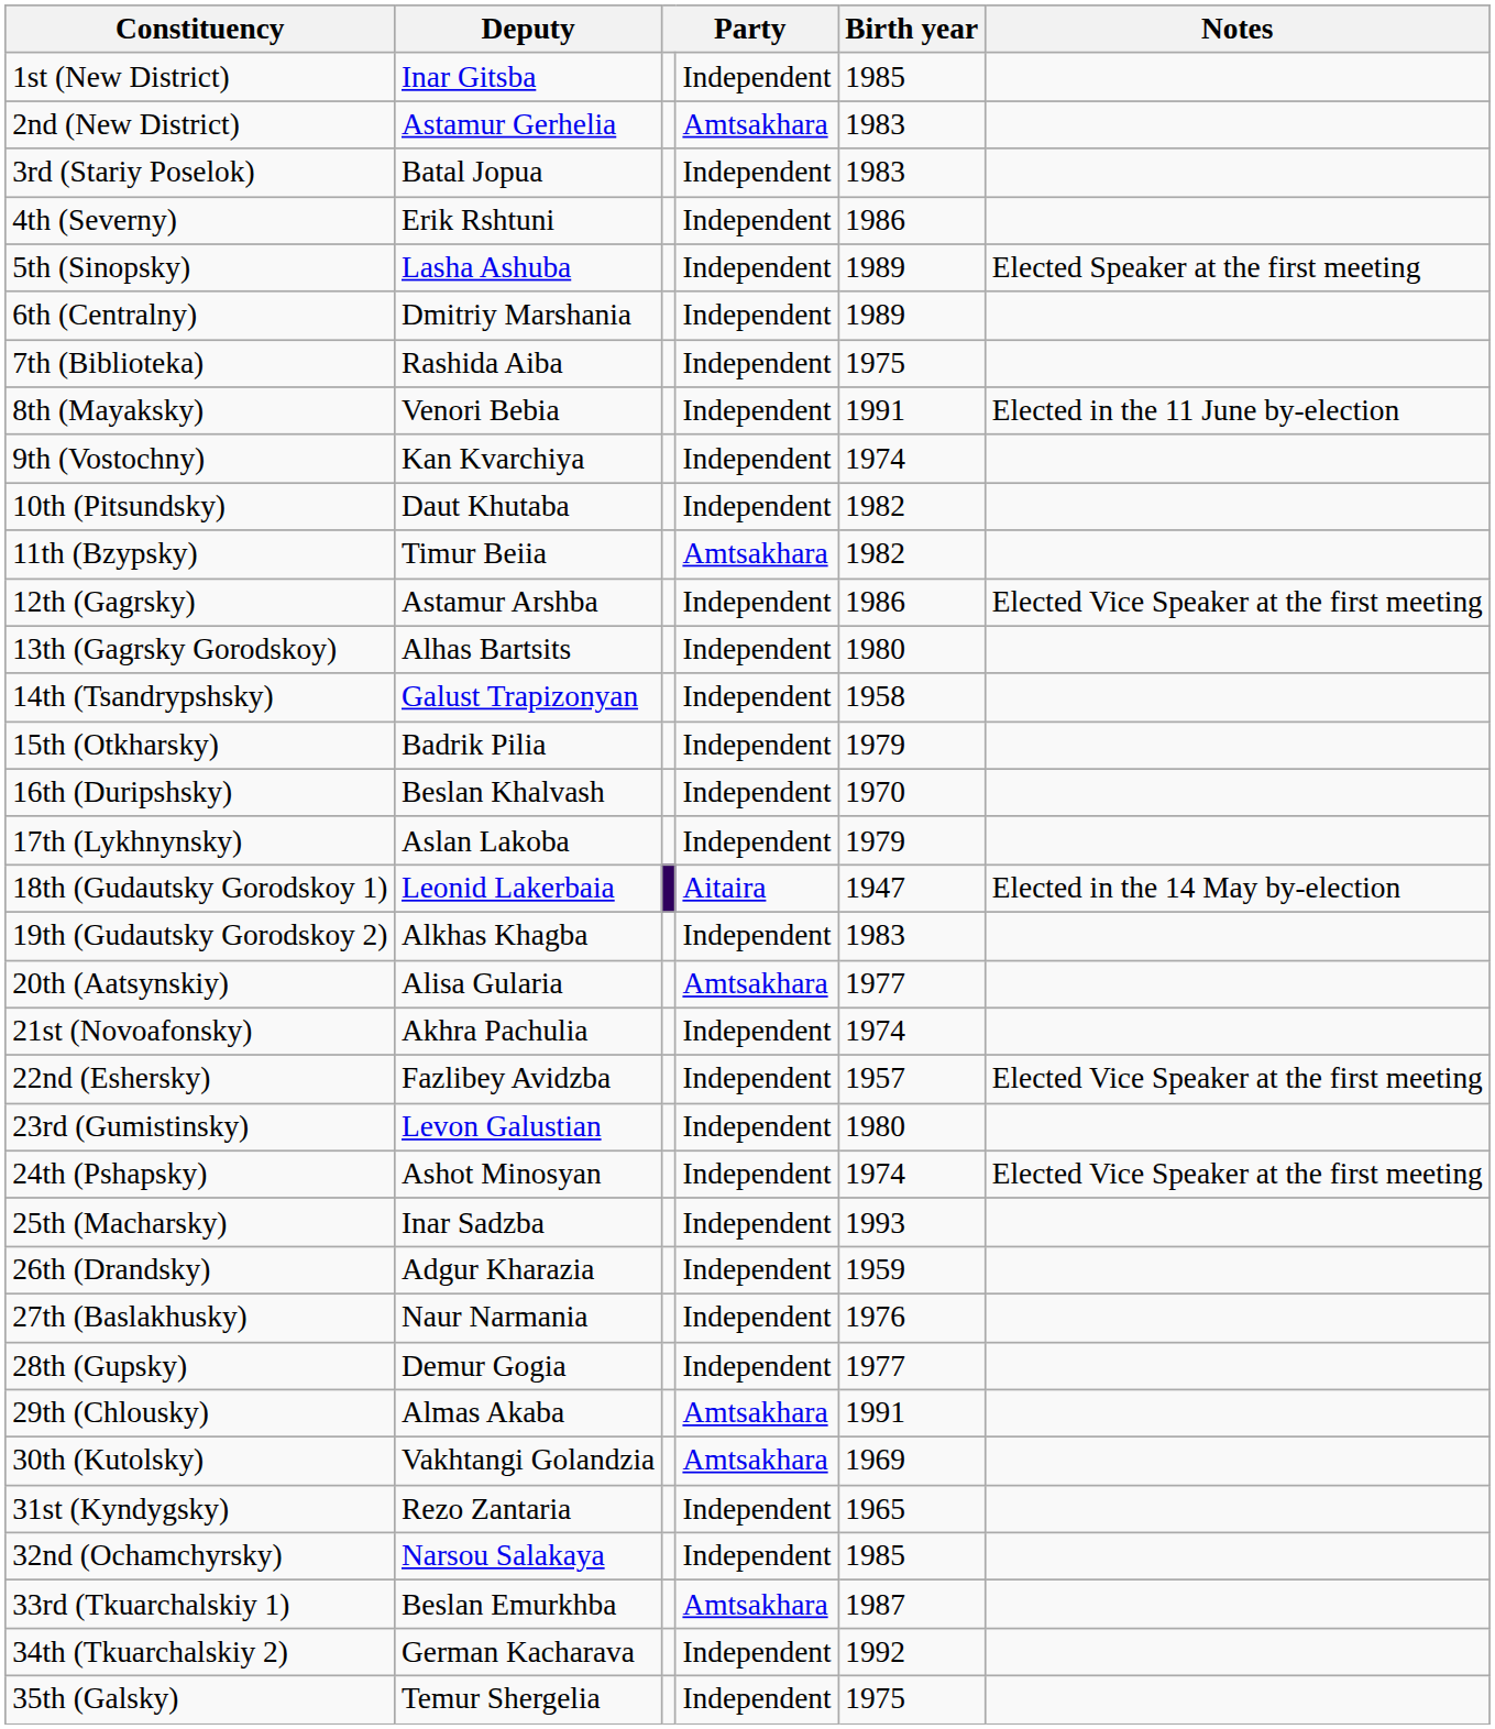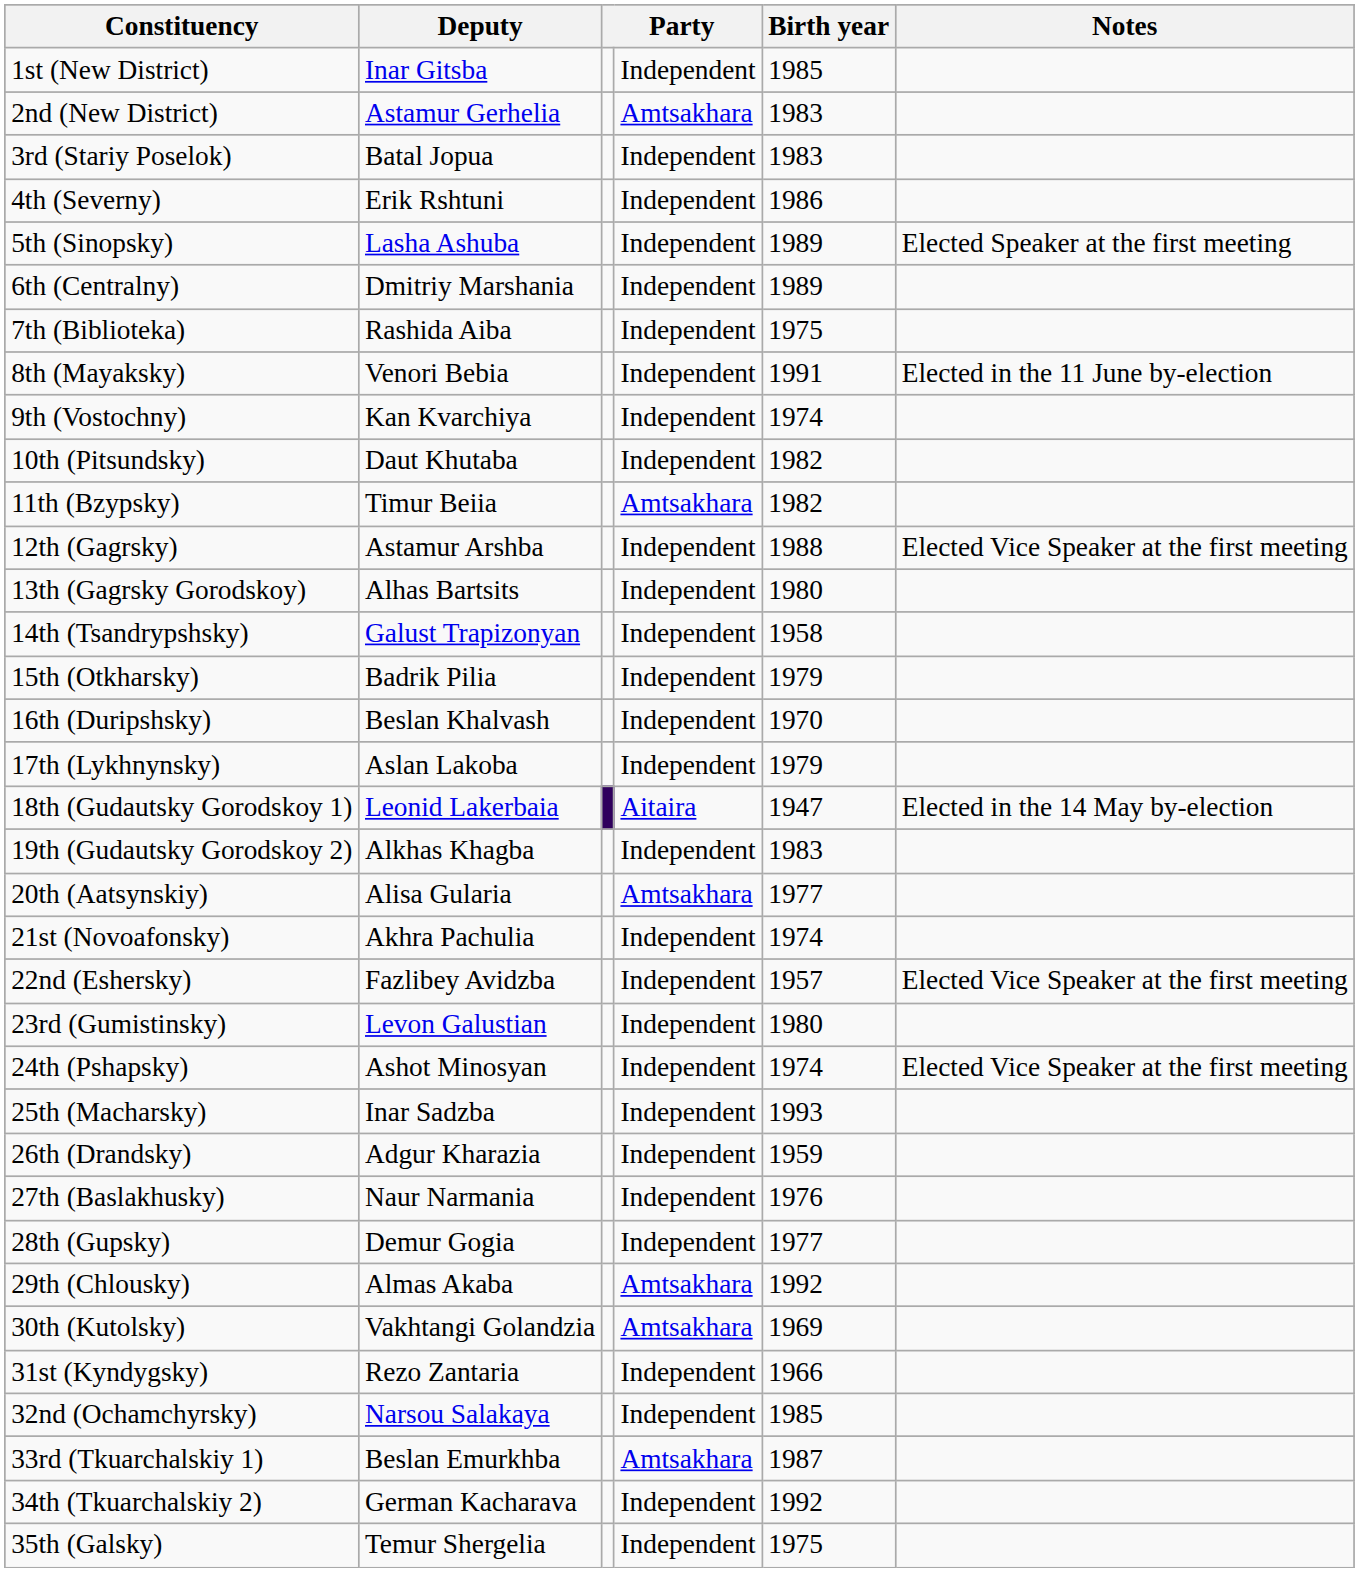 <table class="wikitable sortable" style="text-align:left">
 <tr>
 <th>Constituency</th>
 <th>Deputy</th>
 <th colspan="2">Party</th>
 <th>Birth year</th>
 <th>Notes</th>
 </tr>
 <tr>
 <td>1st (New District)</td>
 <td><a href='#'>Inar Gitsba</a></td>
 <td style="background: "></td>
 <td>Independent</td>
 <td>1985</td>
 <td></td>
 </tr>
 <tr>
 <td>2nd (New District)</td>
 <td><a href='#'>Astamur Gerhelia</a></td>
 <td style="background: "></td>
 <td><a href='#'>Amtsakhara</a></td>
 <td>1983</td>
 <td></td>
 </tr>
 <tr>
 <td>3rd (Stariy Poselok)</td>
 <td>Batal Jopua</td>
 <td style="background: "></td>
 <td>Independent</td>
 <td>1983</td>
 <td></td>
 </tr>
 <tr>
 <td>4th (Severny)</td>
 <td>Erik Rshtuni</td>
 <td style="background: "></td>
 <td>Independent</td>
 <td>1986</td>
 <td></td>
 </tr>
 <tr>
 <td>5th (Sinopsky)</td>
 <td><a href='#'>Lasha Ashuba</a></td>
 <td style="background: "></td>
 <td>Independent</td>
 <td>1989</td>
 <td>Elected Speaker at the first meeting</td>
 </tr>
 <tr>
 <td>6th (Centralny)</td>
 <td>Dmitriy Marshania</td>
 <td style="background: "></td>
 <td>Independent</td>
 <td>1989</td>
 <td></td>
 </tr>
 <tr>
 <td>7th (Biblioteka)</td>
 <td>Rashida Aiba</td>
 <td style="background: "></td>
 <td>Independent</td>
 <td>1975</td>
 <td></td>
 </tr>
 <tr>
 <td>8th (Mayaksky)</td>
 <td>Venori Bebia</td>
 <td style="background: "></td>
 <td>Independent</td>
 <td>1991</td>
 <td>Elected in the 11 June by-election</td>
 </tr>
 <tr>
 <td>9th (Vostochny)</td>
 <td>Kan Kvarchiya</td>
 <td style="background: "></td>
 <td>Independent</td>
 <td>1974</td>
 <td></td>
 </tr>
 <tr>
 <td>10th (Pitsundsky)</td>
 <td>Daut Khutaba</td>
 <td style="background: "></td>
 <td>Independent</td>
 <td>1982</td>
 <td></td>
 </tr>
 <tr>
 <td>11th (Bzypsky)</td>
 <td>Timur Beiia</td>
 <td style="background: "></td>
 <td><a href='#'>Amtsakhara</a></td>
 <td>1982</td>
 <td></td>
 </tr>
 <tr>
 <td>12th (Gagrsky)</td>
 <td>Astamur Arshba</td>
 <td style="background: "></td>
 <td>Independent</td>
-<td>1986</td>
+<td>1988</td>
 <td>Elected Vice Speaker at the first meeting</td>
 </tr>
 <tr>
 <td>13th (Gagrsky Gorodskoy)</td>
 <td>Alhas Bartsits</td>
 <td style="background: "></td>
 <td>Independent</td>
 <td>1980</td>
 <td></td>
 </tr>
 <tr>
 <td>14th (Tsandrypshsky)</td>
 <td><a href='#'>Galust Trapizonyan</a></td>
 <td style="background: "></td>
 <td>Independent</td>
 <td>1958</td>
 <td></td>
 </tr>
 <tr>
 <td>15th (Otkharsky)</td>
 <td>Badrik Pilia</td>
 <td style="background: "></td>
 <td>Independent</td>
 <td>1979</td>
 <td></td>
 </tr>
 <tr>
 <td>16th (Duripshsky)</td>
 <td>Beslan Khalvash</td>
 <td style="background: "></td>
 <td>Independent</td>
 <td>1970</td>
 <td></td>
 </tr>
 <tr>
 <td>17th (Lykhnynsky)</td>
 <td>Aslan Lakoba</td>
 <td style="background: "></td>
 <td>Independent</td>
 <td>1979</td>
 <td></td>
 </tr>
 <tr>
 <td>18th (Gudautsky Gorodskoy 1)</td>
 <td><a href='#'>Leonid Lakerbaia</a></td>
 <td style="background: #2F005D;"></td>
 <td><a href='#'>Aitaira</a></td>
 <td>1947</td>
 <td>Elected in the 14 May by-election</td>
 </tr>
 <tr>
 <td>19th (Gudautsky Gorodskoy 2)</td>
 <td>Alkhas Khagba</td>
 <td style="background: "></td>
 <td>Independent</td>
 <td>1983</td>
 <td></td>
 </tr>
 <tr>
 <td>20th (Aatsynskiy)</td>
 <td>Alisa Gularia</td>
 <td style="background: "></td>
 <td><a href='#'>Amtsakhara</a></td>
 <td>1977</td>
 <td></td>
 </tr>
 <tr>
 <td>21st (Novoafonsky)</td>
 <td>Akhra Pachulia</td>
 <td style="background: "></td>
 <td>Independent</td>
 <td>1974</td>
 <td></td>
 </tr>
 <tr>
 <td>22nd (Eshersky)</td>
 <td>Fazlibey Avidzba</td>
 <td style="background: "></td>
 <td>Independent</td>
 <td>1957</td>
 <td>Elected Vice Speaker at the first meeting</td>
 </tr>
 <tr>
 <td>23rd (Gumistinsky)</td>
 <td><a href='#'>Levon Galustian</a></td>
 <td style="background: "></td>
 <td>Independent</td>
 <td>1980</td>
 <td></td>
 </tr>
 <tr>
 <td>24th (Pshapsky)</td>
 <td>Ashot Minosyan</td>
 <td style="background: "></td>
 <td>Independent</td>
 <td>1974</td>
 <td>Elected Vice Speaker at the first meeting</td>
 </tr>
 <tr>
 <td>25th (Macharsky)</td>
 <td>Inar Sadzba</td>
 <td style="background: "></td>
 <td>Independent</td>
 <td>1993</td>
 <td></td>
 </tr>
 <tr>
 <td>26th (Drandsky)</td>
 <td>Adgur Kharazia</td>
 <td style="background: "></td>
 <td>Independent</td>
 <td>1959</td>
 <td></td>
 </tr>
 <tr>
 <td>27th (Baslakhusky)</td>
 <td>Naur Narmania</td>
 <td style="background: "></td>
 <td>Independent</td>
 <td>1976</td>
 <td></td>
 </tr>
 <tr>
 <td>28th (Gupsky)</td>
 <td>Demur Gogia</td>
 <td style="background: "></td>
 <td>Independent</td>
 <td>1977</td>
 <td></td>
 </tr>
 <tr>
 <td>29th (Chlousky)</td>
 <td>Almas Akaba</td>
 <td style="background: "></td>
 <td><a href='#'>Amtsakhara</a></td>
-<td>1991</td>
+<td>1992</td>
 <td></td>
 </tr>
 <tr>
 <td>30th (Kutolsky)</td>
 <td>Vakhtangi Golandzia</td>
 <td style="background: "></td>
 <td><a href='#'>Amtsakhara</a></td>
 <td>1969</td>
 <td></td>
 </tr>
 <tr>
 <td>31st (Kyndygsky)</td>
 <td>Rezo Zantaria</td>
 <td style="background: "></td>
 <td>Independent</td>
-<td>1965</td>
+<td>1966</td>
 <td></td>
 </tr>
 <tr>
 <td>32nd (Ochamchyrsky)</td>
 <td><a href='#'>Narsou Salakaya</a></td>
 <td style="background: "></td>
 <td>Independent</td>
 <td>1985</td>
 <td></td>
 </tr>
 <tr>
 <td>33rd (Tkuarchalskiy 1)</td>
 <td>Beslan Emurkhba</td>
 <td style="background: "></td>
 <td><a href='#'>Amtsakhara</a></td>
 <td>1987</td>
 <td></td>
 </tr>
 <tr>
 <td>34th (Tkuarchalskiy 2)</td>
 <td>German Kacharava</td>
 <td style="background: "></td>
 <td>Independent</td>
 <td>1992</td>
 <td></td>
 </tr>
 <tr>
 <td>35th (Galsky)</td>
 <td>Temur Shergelia</td>
 <td style="background: "></td>
 <td>Independent</td>
 <td>1975</td>
 <td></td>
 </tr>
 </table>
